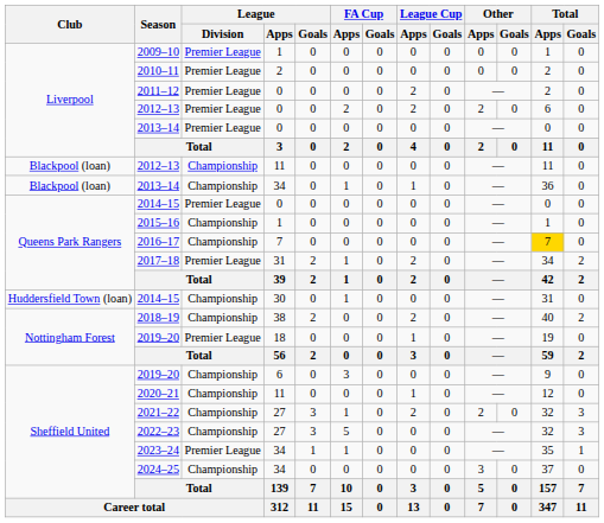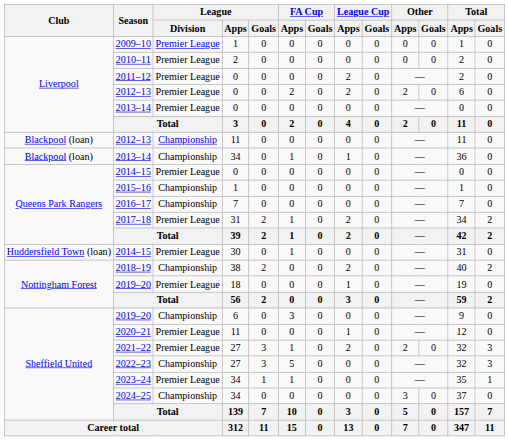 <table class="wikitable" style="text-align: center;">
 <tr>
 <th rowspan=2>Club</th>
 <th rowspan=2>Season</th>
 <th colspan=3>League</th>
 <th colspan=2><a href='#'>FA Cup</a></th>
 <th colspan=2><a href='#'>League Cup</a></th>
 <th colspan=2>Other</th>
 <th colspan=2>Total</th>
 </tr>
 <tr>
 <th>Division</th>
 <th>Apps</th>
 <th>Goals</th>
 <th>Apps</th>
 <th>Goals</th>
 <th>Apps</th>
 <th>Goals</th>
 <th>Apps</th>
 <th>Goals</th>
 <th>Apps</th>
 <th>Goals</th>
 </tr>
 <tr>
 <td rowspan=6><a href='#'>Liverpool</a></td>
 <td><a href='#'>2009–10</a></td>
 <td><a href='#'>Premier League</a></td>
 <td>1</td>
 <td>0</td>
 <td>0</td>
 <td>0</td>
 <td>0</td>
 <td>0</td>
 <td>0</td>
 <td>0</td>
 <td>1</td>
 <td>0</td>
 </tr>
 <tr>
 <td><a href='#'>2010–11</a></td>
 <td>Premier League</td>
 <td>2</td>
 <td>0</td>
 <td>0</td>
 <td>0</td>
 <td>0</td>
 <td>0</td>
 <td>0</td>
 <td>0</td>
 <td>2</td>
 <td>0</td>
 </tr>
 <tr>
 <td><a href='#'>2011–12</a></td>
 <td>Premier League</td>
 <td>0</td>
 <td>0</td>
 <td>0</td>
 <td>0</td>
 <td>2</td>
 <td>0</td>
 <td colspan="2">—</td>
 <td>2</td>
 <td>0</td>
 </tr>
 <tr>
 <td><a href='#'>2012–13</a></td>
 <td>Premier League</td>
 <td>0</td>
 <td>0</td>
 <td>2</td>
 <td>0</td>
 <td>2</td>
 <td>0</td>
 <td>2</td>
 <td>0</td>
 <td>6</td>
 <td>0</td>
 </tr>
 <tr>
 <td><a href='#'>2013–14</a></td>
 <td>Premier League</td>
 <td>0</td>
 <td>0</td>
 <td>0</td>
 <td>0</td>
 <td>0</td>
 <td>0</td>
 <td colspan="2">—</td>
 <td>0</td>
 <td>0</td>
 </tr>
 <tr>
 <th colspan=2>Total</th>
 <th>3</th>
 <th>0</th>
 <th>2</th>
 <th>0</th>
 <th>4</th>
 <th>0</th>
 <th>2</th>
 <th>0</th>
 <th>11</th>
 <th>0</th>
 </tr>
 <tr>
 <td><a href='#'>Blackpool</a> (loan)</td>
 <td><a href='#'>2012–13</a></td>
 <td><a href='#'>Championship</a></td>
 <td>11</td>
 <td>0</td>
 <td>0</td>
 <td>0</td>
 <td>0</td>
 <td>0</td>
 <td colspan="2">—</td>
 <td>11</td>
 <td>0</td>
 </tr>
 <tr>
 <td><a href='#'>Blackpool</a> (loan)</td>
 <td><a href='#'>2013–14</a></td>
 <td>Championship</td>
 <td>34</td>
 <td>0</td>
 <td>1</td>
 <td>0</td>
 <td>1</td>
 <td>0</td>
 <td colspan="2">—</td>
 <td>36</td>
 <td>0</td>
 </tr>
 <tr>
 <td rowspan=5><a href='#'>Queens Park Rangers</a></td>
 <td><a href='#'>2014–15</a></td>
 <td>Premier League</td>
 <td>0</td>
 <td>0</td>
 <td>0</td>
 <td>0</td>
 <td>0</td>
 <td>0</td>
 <td colspan="2">—</td>
 <td>0</td>
 <td>0</td>
 </tr>
 <tr>
 <td><a href='#'>2015–16</a></td>
 <td>Championship</td>
 <td>1</td>
 <td>0</td>
 <td>0</td>
 <td>0</td>
 <td>0</td>
 <td>0</td>
 <td colspan="2">—</td>
 <td>1</td>
 <td>0</td>
 </tr>
 <tr>
 <td><a href='#'>2016–17</a></td>
 <td>Championship</td>
 <td>7</td>
 <td>0</td>
 <td>0</td>
 <td>0</td>
 <td>0</td>
 <td>0</td>
 <td colspan="2">—</td>
-<td style="background: gold;">7</td>
+<td>7</td>
 <td>0</td>
 </tr>
 <tr>
 <td><a href='#'>2017–18</a></td>
 <td>Premier League</td>
 <td>31</td>
 <td>2</td>
 <td>1</td>
 <td>0</td>
 <td>2</td>
 <td>0</td>
 <td colspan="2">—</td>
 <td>34</td>
 <td>2</td>
 </tr>
 <tr>
 <th colspan="2">Total</th>
 <th>39</th>
 <th>2</th>
 <th>1</th>
 <th>0</th>
 <th>2</th>
 <th>0</th>
 <th colspan="2">—</th>
 <th>42</th>
 <th>2</th>
 </tr>
 <tr>
 <td><a href='#'>Huddersfield Town</a> (loan)</td>
 <td><a href='#'>2014–15</a></td>
-<td>Championship</td>
+<td>Premier League</td>
 <td>30</td>
 <td>0</td>
 <td>1</td>
 <td>0</td>
 <td>0</td>
 <td>0</td>
 <td colspan="2">—</td>
 <td>31</td>
 <td>0</td>
 </tr>
 <tr>
 <td rowspan="3"><a href='#'>Nottingham Forest</a></td>
 <td><a href='#'>2018–19</a></td>
 <td>Championship</td>
 <td>38</td>
 <td>2</td>
 <td>0</td>
 <td>0</td>
 <td>2</td>
 <td>0</td>
 <td colspan="2">—</td>
 <td>40</td>
 <td>2</td>
 </tr>
 <tr>
 <td><a href='#'>2019–20</a></td>
 <td>Premier League</td>
 <td>18</td>
 <td>0</td>
 <td>0</td>
 <td>0</td>
 <td>1</td>
 <td>0</td>
 <td colspan="2">—</td>
 <td>19</td>
 <td>0</td>
 </tr>
 <tr>
 <th colspan=2>Total</th>
 <th>56</th>
 <th>2</th>
 <th>0</th>
 <th>0</th>
 <th>3</th>
 <th>0</th>
 <th colspan="2">—</th>
 <th>59</th>
 <th>2</th>
 </tr>
 <tr>
 <td rowspan=7><a href='#'>Sheffield United</a></td>
 <td><a href='#'>2019–20</a></td>
 <td>Championship</td>
 <td>6</td>
 <td>0</td>
 <td>3</td>
 <td>0</td>
 <td>0</td>
 <td>0</td>
 <td colspan="2">—</td>
 <td>9</td>
 <td>0</td>
 </tr>
 <tr>
 <td><a href='#'>2020–21</a></td>
-<td>Championship</td>
+<td>Premier League</td>
 <td>11</td>
 <td>0</td>
 <td>0</td>
 <td>0</td>
 <td>1</td>
 <td>0</td>
 <td colspan="2">—</td>
 <td>12</td>
 <td>0</td>
 </tr>
 <tr>
 <td><a href='#'>2021–22</a></td>
-<td>Championship</td>
+<td>Premier League</td>
 <td>27</td>
 <td>3</td>
 <td>1</td>
 <td>0</td>
 <td>2</td>
 <td>0</td>
 <td>2</td>
 <td>0</td>
 <td>32</td>
 <td>3</td>
 </tr>
 <tr>
 <td><a href='#'>2022–23</a></td>
 <td>Championship</td>
 <td>27</td>
 <td>3</td>
 <td>5</td>
 <td>0</td>
 <td>0</td>
 <td>0</td>
 <td colspan="2">—</td>
 <td>32</td>
 <td>3</td>
 </tr>
 <tr>
 <td><a href='#'>2023–24</a></td>
 <td>Premier League</td>
 <td>34</td>
 <td>1</td>
 <td>1</td>
 <td>0</td>
 <td>0</td>
 <td>0</td>
 <td colspan="2">—</td>
 <td>35</td>
 <td>1</td>
 </tr>
 <tr>
 <td><a href='#'>2024–25</a></td>
 <td>Championship</td>
 <td>34</td>
 <td>0</td>
 <td>0</td>
 <td>0</td>
 <td>0</td>
 <td>0</td>
 <td>3</td>
 <td>0</td>
 <td>37</td>
 <td>0</td>
 </tr>
 <tr>
 <th colspan=2>Total</th>
 <th>139</th>
 <th>7</th>
 <th>10</th>
 <th>0</th>
 <th>3</th>
 <th>0</th>
 <th>5</th>
 <th>0</th>
 <th>157</th>
 <th>7</th>
 </tr>
 <tr>
 <th colspan="3">Career total</th>
 <th>312</th>
 <th>11</th>
 <th>15</th>
 <th>0</th>
 <th>13</th>
 <th>0</th>
 <th>7</th>
 <th>0</th>
 <th>347</th>
 <th>11</th>
 </tr>
 </table>
